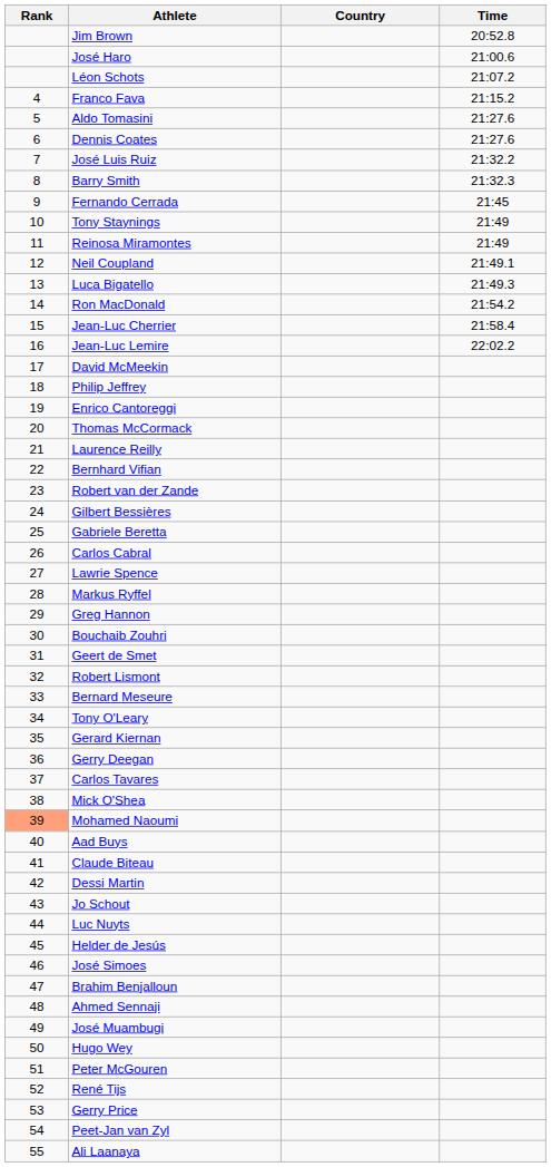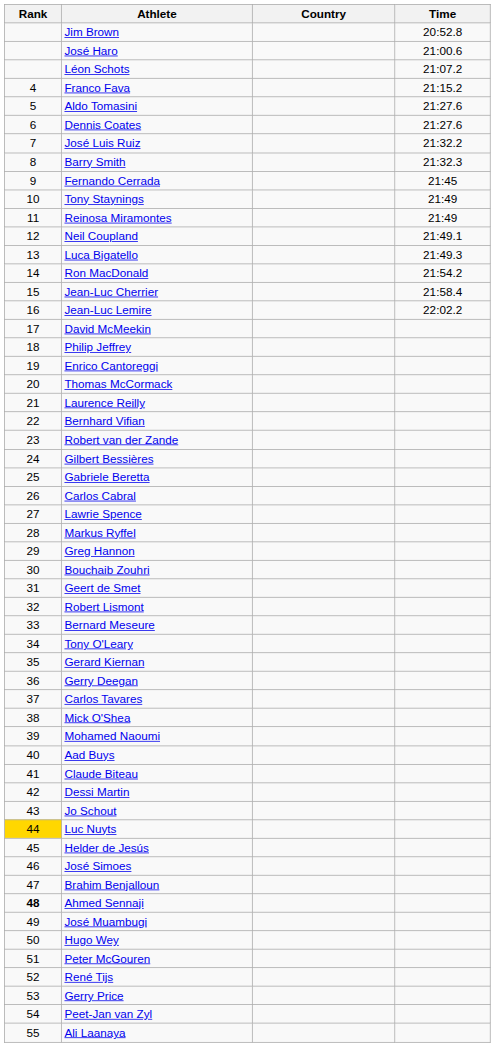 <table class="wikitable sortable" style=" text-align:center; font-size:95%;" width="50%">
 <tr>
 <th width=5%>Rank</th>
 <th width=20%>Athlete</th>
 <th width=15%>Country</th>
 <th width=10%>Time</th>
 </tr>
 <tr>
 <td align=center></td>
 <td align=left><a href='#'>Jim Brown</a></td>
 <td align=left></td>
 <td>20:52.8</td>
 </tr>
 <tr>
 <td align=center></td>
 <td align=left><a href='#'>José Haro</a></td>
 <td align=left></td>
 <td>21:00.6</td>
 </tr>
 <tr>
 <td align=center></td>
 <td align=left><a href='#'>Léon Schots</a></td>
 <td align=left></td>
 <td>21:07.2</td>
 </tr>
 <tr>
 <td align=center>4</td>
 <td align=left><a href='#'>Franco Fava</a></td>
 <td align=left></td>
 <td>21:15.2</td>
 </tr>
 <tr>
 <td align=center>5</td>
 <td align=left><a href='#'>Aldo Tomasini</a></td>
 <td align=left></td>
 <td>21:27.6</td>
 </tr>
 <tr>
 <td align=center>6</td>
 <td align=left><a href='#'>Dennis Coates</a></td>
 <td align=left></td>
 <td>21:27.6</td>
 </tr>
 <tr>
 <td align=center>7</td>
 <td align=left><a href='#'>José Luis Ruiz</a></td>
 <td align=left></td>
 <td>21:32.2</td>
 </tr>
 <tr>
 <td align=center>8</td>
 <td align=left><a href='#'>Barry Smith</a></td>
 <td align=left></td>
 <td>21:32.3</td>
 </tr>
 <tr>
 <td align=center>9</td>
 <td align=left><a href='#'>Fernando Cerrada</a></td>
 <td align=left></td>
 <td>21:45</td>
 </tr>
 <tr>
 <td align=center>10</td>
 <td align=left><a href='#'>Tony Staynings</a></td>
 <td align=left></td>
 <td>21:49</td>
 </tr>
 <tr>
 <td align=center>11</td>
 <td align=left><a href='#'>Reinosa Miramontes</a></td>
 <td align=left></td>
 <td>21:49</td>
 </tr>
 <tr>
 <td align=center>12</td>
 <td align=left><a href='#'>Neil Coupland</a></td>
 <td align=left></td>
 <td>21:49.1</td>
 </tr>
 <tr>
 <td align=center>13</td>
 <td align=left><a href='#'>Luca Bigatello</a></td>
 <td align=left></td>
 <td>21:49.3</td>
 </tr>
 <tr>
 <td align=center>14</td>
 <td align=left><a href='#'>Ron MacDonald</a></td>
 <td align=left></td>
 <td>21:54.2</td>
 </tr>
 <tr>
 <td align=center>15</td>
 <td align=left><a href='#'>Jean-Luc Cherrier</a></td>
 <td align=left></td>
 <td>21:58.4</td>
 </tr>
 <tr>
 <td align=center>16</td>
 <td align=left><a href='#'>Jean-Luc Lemire</a></td>
 <td align=left></td>
 <td>22:02.2</td>
 </tr>
 <tr>
 <td align=center>17</td>
 <td align=left><a href='#'>David McMeekin</a></td>
 <td align=left></td>
 <td></td>
 </tr>
 <tr>
 <td align=center>18</td>
 <td align=left><a href='#'>Philip Jeffrey</a></td>
 <td align=left></td>
 <td></td>
 </tr>
 <tr>
 <td align=center>19</td>
 <td align=left><a href='#'>Enrico Cantoreggi</a></td>
 <td align=left></td>
 <td></td>
 </tr>
 <tr>
 <td align=center>20</td>
 <td align=left><a href='#'>Thomas McCormack</a></td>
 <td align=left></td>
 <td></td>
 </tr>
 <tr>
 <td align=center>21</td>
 <td align=left><a href='#'>Laurence Reilly</a></td>
 <td align=left></td>
 <td></td>
 </tr>
 <tr>
 <td align=center>22</td>
 <td align=left><a href='#'>Bernhard Vifian</a></td>
 <td align=left></td>
 <td></td>
 </tr>
 <tr>
 <td align=center>23</td>
 <td align=left><a href='#'>Robert van der Zande</a></td>
 <td align=left></td>
 <td></td>
 </tr>
 <tr>
 <td align=center>24</td>
 <td align=left><a href='#'>Gilbert Bessières</a></td>
 <td align=left></td>
 <td></td>
 </tr>
 <tr>
 <td align=center>25</td>
 <td align=left><a href='#'>Gabriele Beretta</a></td>
 <td align=left></td>
 <td></td>
 </tr>
 <tr>
 <td align=center>26</td>
 <td align=left><a href='#'>Carlos Cabral</a></td>
 <td align=left></td>
 <td></td>
 </tr>
 <tr>
 <td align=center>27</td>
 <td align=left><a href='#'>Lawrie Spence</a></td>
 <td align=left></td>
 <td></td>
 </tr>
 <tr>
 <td align=center>28</td>
 <td align=left><a href='#'>Markus Ryffel</a></td>
 <td align=left></td>
 <td></td>
 </tr>
 <tr>
 <td align=center>29</td>
 <td align=left><a href='#'>Greg Hannon</a></td>
 <td align=left></td>
 <td></td>
 </tr>
 <tr>
 <td align=center>30</td>
 <td align=left><a href='#'>Bouchaib Zouhri</a></td>
 <td align=left></td>
 <td></td>
 </tr>
 <tr>
 <td align=center>31</td>
 <td align=left><a href='#'>Geert de Smet</a></td>
 <td align=left></td>
 <td></td>
 </tr>
 <tr>
 <td align=center>32</td>
 <td align=left><a href='#'>Robert Lismont</a></td>
 <td align=left></td>
 <td></td>
 </tr>
 <tr>
 <td align=center>33</td>
 <td align=left><a href='#'>Bernard Meseure</a></td>
 <td align=left></td>
 <td></td>
 </tr>
 <tr>
 <td align=center>34</td>
 <td align=left><a href='#'>Tony O'Leary</a></td>
 <td align=left></td>
 <td></td>
 </tr>
 <tr>
 <td align=center>35</td>
 <td align=left><a href='#'>Gerard Kiernan</a></td>
 <td align=left></td>
 <td></td>
 </tr>
 <tr>
 <td align=center>36</td>
 <td align=left><a href='#'>Gerry Deegan</a></td>
 <td align=left></td>
 <td></td>
 </tr>
 <tr>
 <td align=center>37</td>
 <td align=left><a href='#'>Carlos Tavares</a></td>
 <td align=left></td>
 <td></td>
 </tr>
 <tr>
 <td align=center>38</td>
 <td align=left><a href='#'>Mick O'Shea</a></td>
 <td align=left></td>
 <td></td>
 </tr>
 <tr>
-<td align=center style="background: lightsalmon;">39</td>
+<td align=center>39</td>
 <td align=left><a href='#'>Mohamed Naoumi</a></td>
 <td align=left></td>
 <td></td>
 </tr>
 <tr>
 <td align=center>40</td>
 <td align=left><a href='#'>Aad Buys</a></td>
 <td align=left></td>
 <td></td>
 </tr>
 <tr>
 <td align=center>41</td>
 <td align=left><a href='#'>Claude Biteau</a></td>
 <td align=left></td>
 <td></td>
 </tr>
 <tr>
 <td align=center>42</td>
 <td align=left><a href='#'>Dessi Martin</a></td>
 <td align=left></td>
 <td></td>
 </tr>
 <tr>
 <td align=center>43</td>
 <td align=left><a href='#'>Jo Schout</a></td>
 <td align=left></td>
 <td></td>
 </tr>
 <tr>
-<td align=center>44</td>
+<td align=center style="background: gold;">44</td>
 <td align=left><a href='#'>Luc Nuyts</a></td>
 <td align=left></td>
 <td></td>
 </tr>
 <tr>
 <td align=center>45</td>
 <td align=left><a href='#'>Helder de Jesús</a></td>
 <td align=left></td>
 <td></td>
 </tr>
 <tr>
 <td align=center>46</td>
 <td align=left><a href='#'>José Simoes</a></td>
 <td align=left></td>
 <td></td>
 </tr>
 <tr>
 <td align=center>47</td>
 <td align=left><a href='#'>Brahim Benjalloun</a></td>
 <td align=left></td>
 <td></td>
 </tr>
 <tr>
-<td align=center>48</td>
+<td align=center><strong>48</strong></td>
 <td align=left><a href='#'>Ahmed Sennaji</a></td>
 <td align=left></td>
 <td></td>
 </tr>
 <tr>
 <td align=center>49</td>
 <td align=left><a href='#'>José Muambugi</a></td>
 <td align=left></td>
 <td></td>
 </tr>
 <tr>
 <td align=center>50</td>
 <td align=left><a href='#'>Hugo Wey</a></td>
 <td align=left></td>
 <td></td>
 </tr>
 <tr>
 <td align=center>51</td>
 <td align=left><a href='#'>Peter McGouren</a></td>
 <td align=left></td>
 <td></td>
 </tr>
 <tr>
 <td align=center>52</td>
 <td align=left><a href='#'>René Tijs</a></td>
 <td align=left></td>
 <td></td>
 </tr>
 <tr>
 <td align=center>53</td>
 <td align=left><a href='#'>Gerry Price</a></td>
 <td align=left></td>
 <td></td>
 </tr>
 <tr>
 <td align=center>54</td>
 <td align=left><a href='#'>Peet-Jan van Zyl</a></td>
 <td align=left></td>
 <td></td>
 </tr>
 <tr>
 <td align=center>55</td>
 <td align=left><a href='#'>Ali Laanaya</a></td>
 <td align=left></td>
 <td></td>
 </tr>
 </table>
